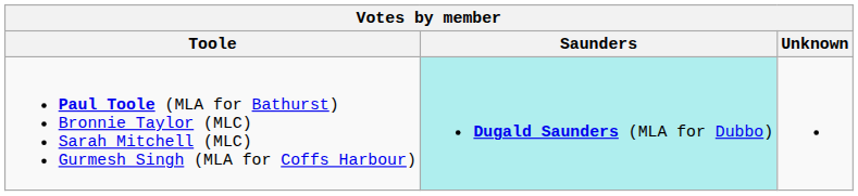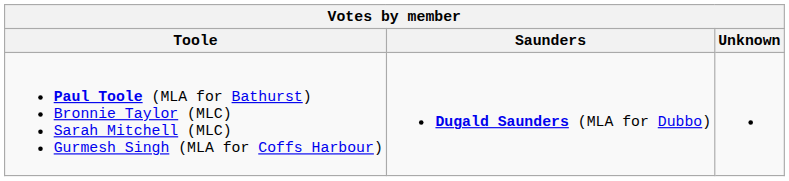 <table class="wikitable">
 <tr>
 <th colspan="3">Votes by member</th>
 </tr>
 <tr>
 <th>Toole</th>
 <th>Saunders</th>
 <th>Unknown</th>
 </tr>
 <tr>
 <td><br><ul><li><strong><a href='#'>Paul Toole</a></strong> (MLA for <a href='#'>Bathurst</a>)</li><li><a href='#'>Bronnie Taylor</a> (MLC)</li><li><a href='#'>Sarah Mitchell</a> (MLC)</li><li><a href='#'>Gurmesh Singh</a> (MLA for <a href='#'>Coffs Harbour</a>)</li></ul></td>
-<td style="background: paleturquoise;"><br><ul><li><strong><a href='#'>Dugald Saunders</a></strong> (MLA for <a href='#'>Dubbo</a>)</li></ul></td>
+<td><br><ul><li><strong><a href='#'>Dugald Saunders</a></strong> (MLA for <a href='#'>Dubbo</a>)</li></ul></td>
 <td><br><ul><li></li></ul></td>
 </tr>
 </table>
